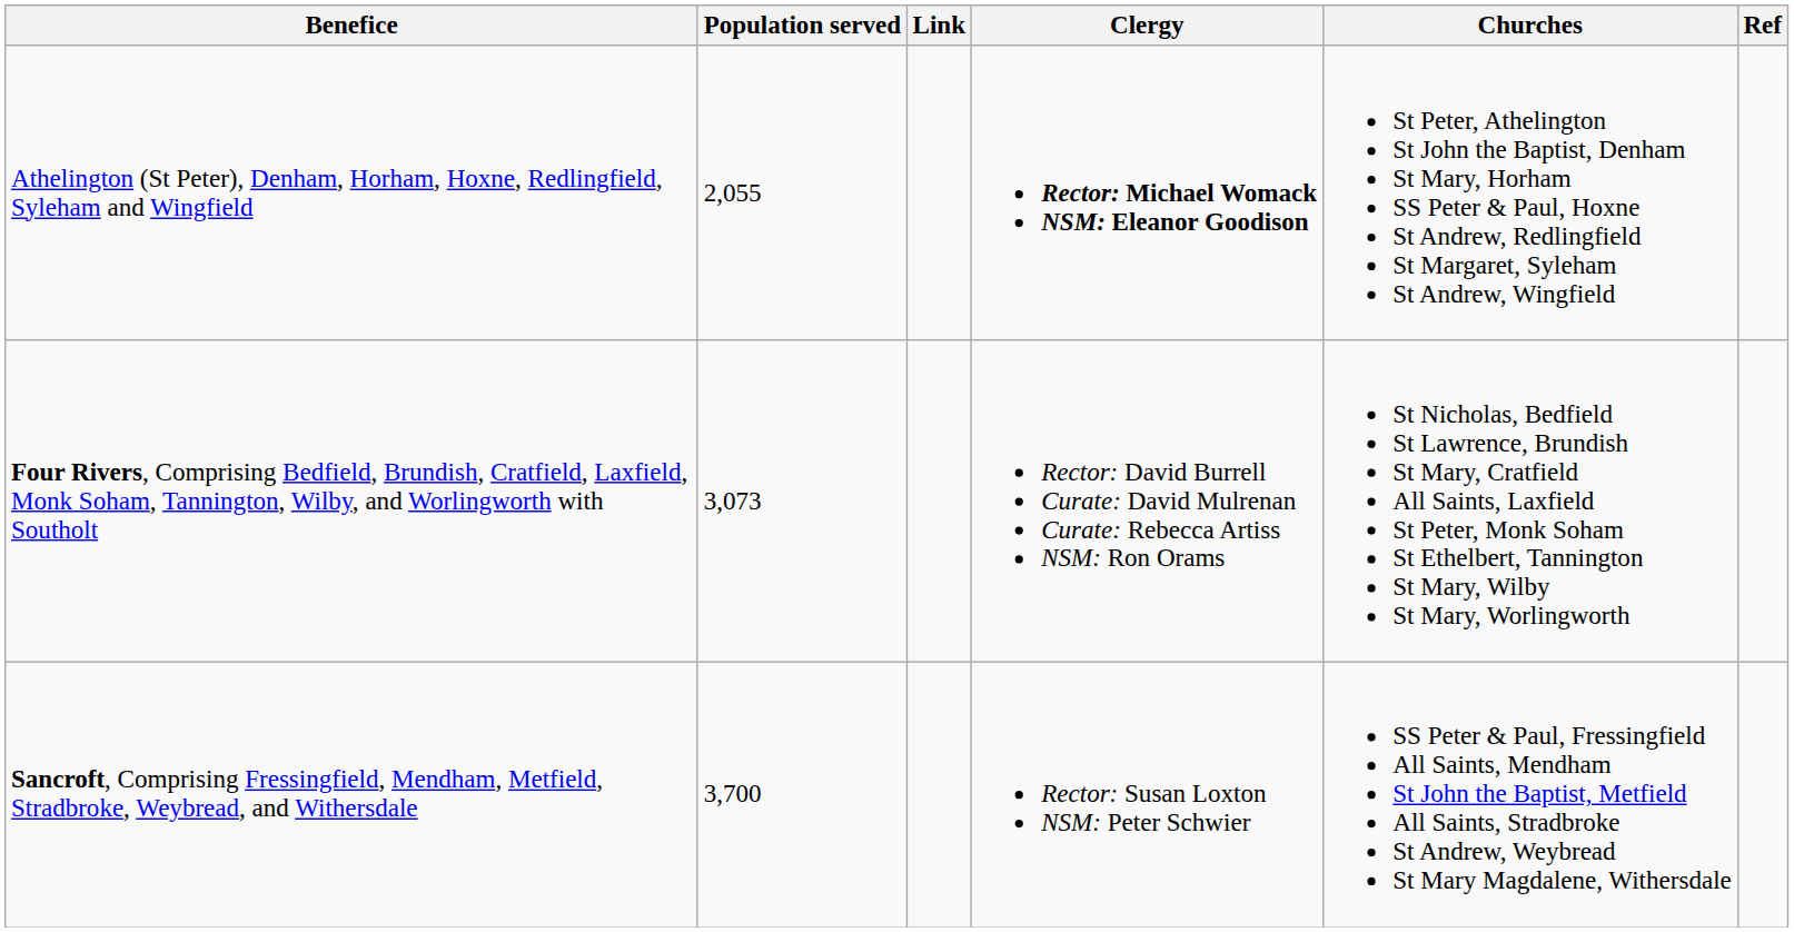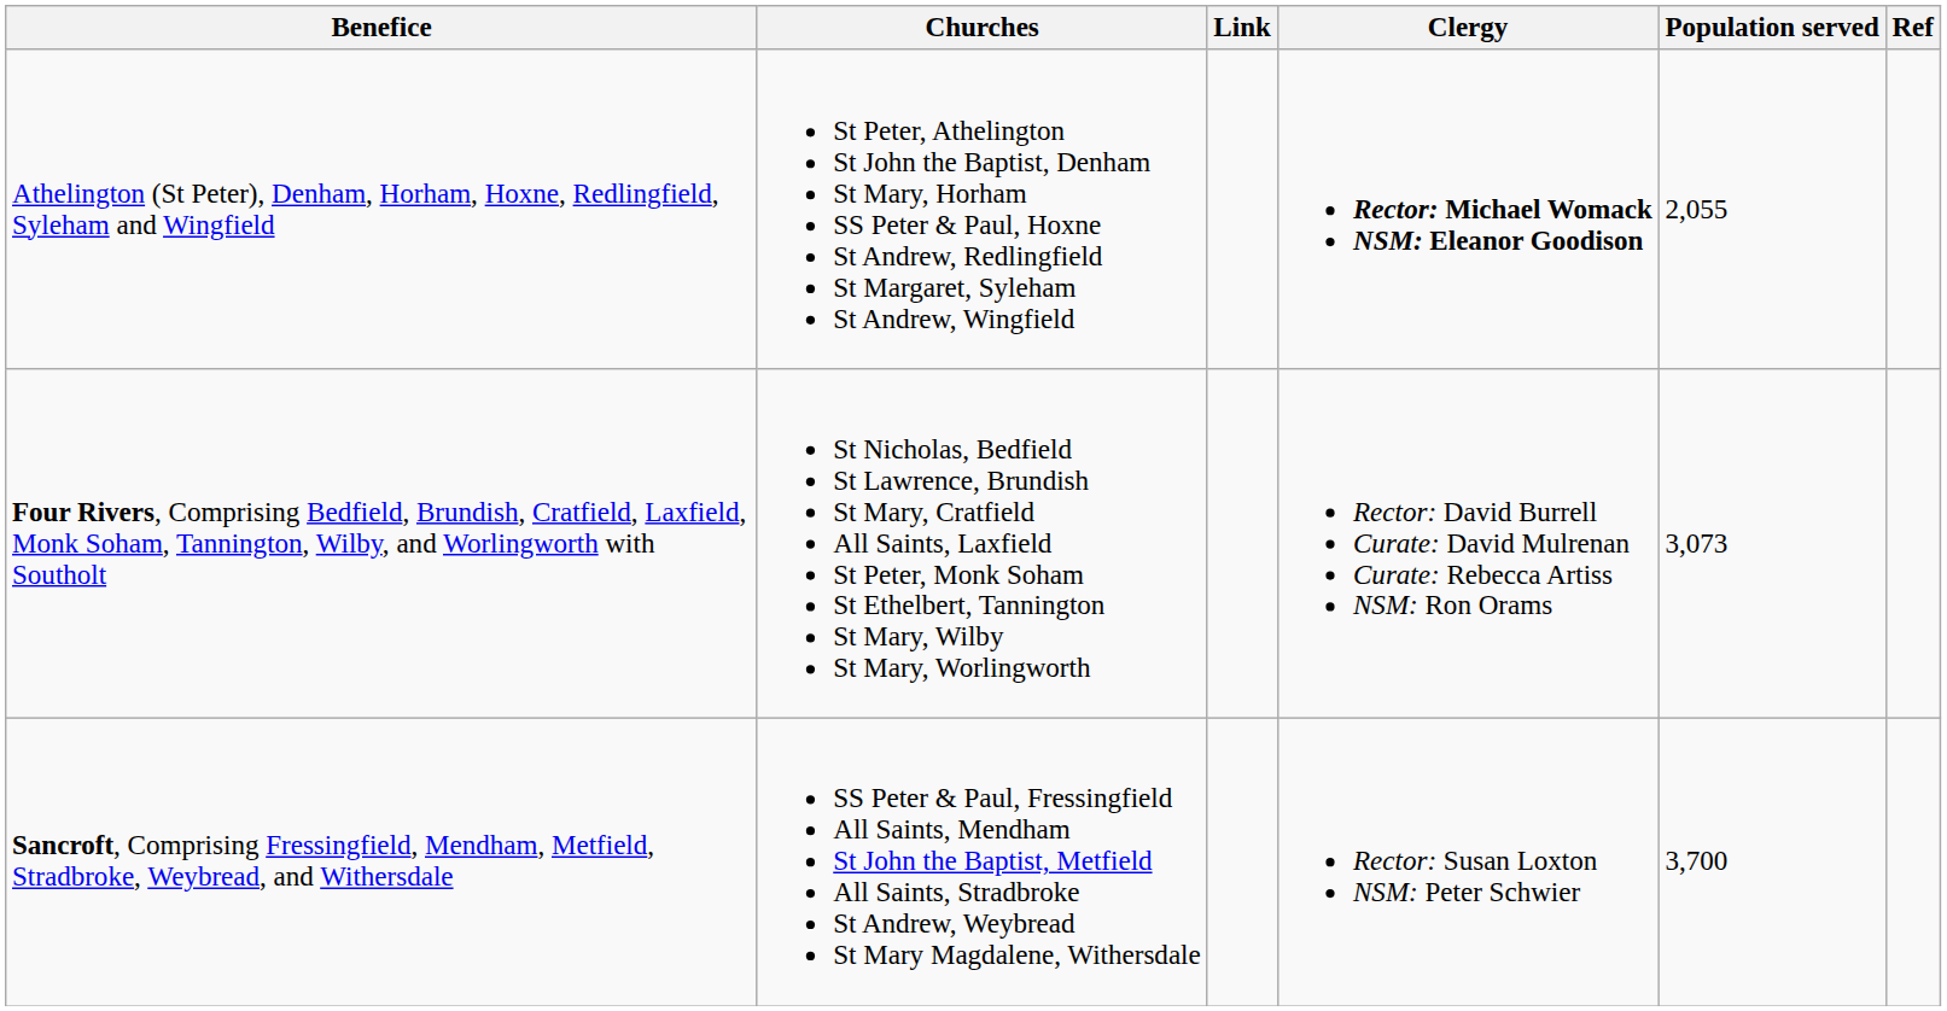 <table class="wikitable">
 <tr>
 <th width="425">Benefice</th>
-<th>Population served</th>
+<th>Churches</th>
 <th>Link</th>
 <th>Clergy</th>
-<th>Churches</th>
+<th>Population served</th>
 <th>Ref</th>
 </tr>
 <tr>
 <td><a href='#'>Athelington</a> (St Peter), <a href='#'>Denham</a>, <a href='#'>Horham</a>, <a href='#'>Hoxne</a>, <a href='#'>Redlingfield</a>, <a href='#'>Syleham</a> and <a href='#'>Wingfield</a></td>
-<td>2,055</td>
+<td><br><ul><li>St Peter, Athelington</li><li>St John the Baptist, Denham</li><li>St Mary, Horham</li><li>SS Peter & Paul, Hoxne</li><li>St Andrew, Redlingfield</li><li>St Margaret, Syleham</li><li>St Andrew, Wingfield</li></ul></td>
 <td></td>
 <td><strong><br><ul><li><em>Rector:</em> Michael Womack</li><li><em>NSM:</em> Eleanor Goodison</li></ul></strong></td>
-<td><br><ul><li>St Peter, Athelington</li><li>St John the Baptist, Denham</li><li>St Mary, Horham</li><li>SS Peter & Paul, Hoxne</li><li>St Andrew, Redlingfield</li><li>St Margaret, Syleham</li><li>St Andrew, Wingfield</li></ul></td>
+<td>2,055</td>
 <td></td>
 </tr>
 <tr>
 <td><strong>Four Rivers</strong>, Comprising <a href='#'>Bedfield</a>, <a href='#'>Brundish</a>, <a href='#'>Cratfield</a>, <a href='#'>Laxfield</a>, <a href='#'>Monk Soham</a>, <a href='#'>Tannington</a>, <a href='#'>Wilby</a>, and <a href='#'>Worlingworth</a> with <a href='#'>Southolt</a></td>
-<td>3,073</td>
+<td><br><ul><li>St Nicholas, Bedfield</li><li>St Lawrence, Brundish</li><li>St Mary, Cratfield</li><li>All Saints, Laxfield</li><li>St Peter, Monk Soham</li><li>St Ethelbert, Tannington</li><li>St Mary, Wilby</li><li>St Mary, Worlingworth</li></ul></td>
 <td></td>
 <td><br><ul><li><em>Rector:</em> David Burrell</li><li><em>Curate:</em> David Mulrenan</li><li><em>Curate:</em> Rebecca Artiss</li><li><em>NSM:</em> Ron Orams</li></ul></td>
-<td><br><ul><li>St Nicholas, Bedfield</li><li>St Lawrence, Brundish</li><li>St Mary, Cratfield</li><li>All Saints, Laxfield</li><li>St Peter, Monk Soham</li><li>St Ethelbert, Tannington</li><li>St Mary, Wilby</li><li>St Mary, Worlingworth</li></ul></td>
+<td>3,073</td>
 <td></td>
 </tr>
 <tr>
 <td><strong>Sancroft</strong>, Comprising <a href='#'>Fressingfield</a>, <a href='#'>Mendham</a>, <a href='#'>Metfield</a>, <a href='#'>Stradbroke</a>, <a href='#'>Weybread</a>, and <a href='#'>Withersdale</a></td>
-<td>3,700</td>
+<td><br><ul><li>SS Peter & Paul, Fressingfield</li><li>All Saints, Mendham</li><li><a href='#'>St John the Baptist, Metfield</a></li><li>All Saints, Stradbroke</li><li>St Andrew, Weybread</li><li>St Mary Magdalene, Withersdale</li></ul></td>
 <td></td>
 <td><br><ul><li><em>Rector:</em> Susan Loxton</li><li><em>NSM:</em> Peter Schwier</li></ul></td>
-<td><br><ul><li>SS Peter & Paul, Fressingfield</li><li>All Saints, Mendham</li><li><a href='#'>St John the Baptist, Metfield</a></li><li>All Saints, Stradbroke</li><li>St Andrew, Weybread</li><li>St Mary Magdalene, Withersdale</li></ul></td>
+<td>3,700</td>
 <td></td>
 </tr>
 </table>
